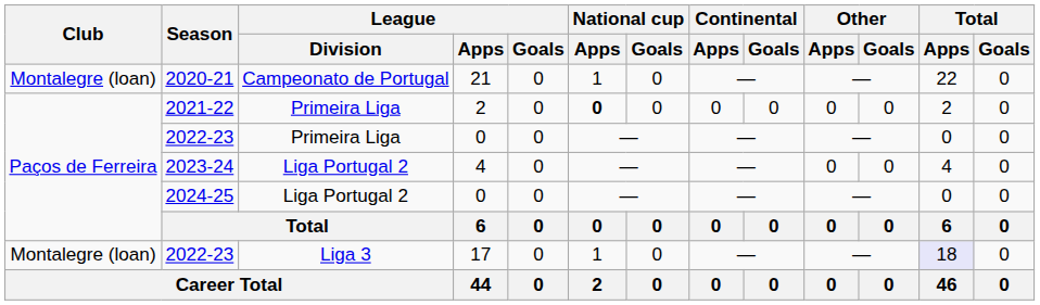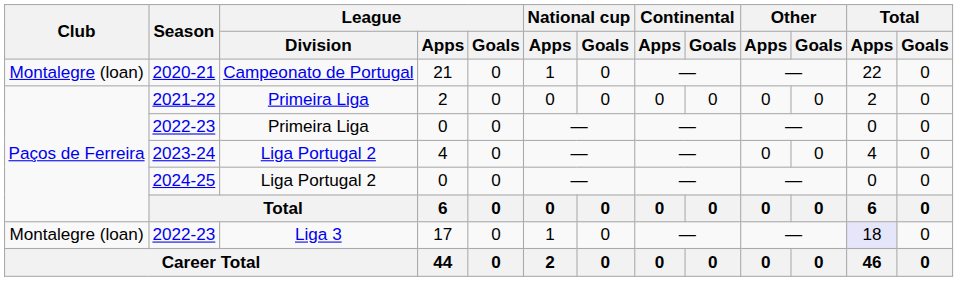 <table class="wikitable" style="text-align: center;">
 <tr>
 <th rowspan="2">Club</th>
 <th rowspan="2">Season</th>
 <th colspan="3">League</th>
 <th colspan="2">National cup</th>
 <th colspan="2">Continental</th>
 <th colspan="2">Other</th>
 <th colspan="2">Total</th>
 </tr>
 <tr>
 <th>Division</th>
 <th>Apps</th>
 <th>Goals</th>
 <th>Apps</th>
 <th>Goals</th>
 <th>Apps</th>
 <th>Goals</th>
 <th>Apps</th>
 <th>Goals</th>
 <th>Apps</th>
 <th>Goals</th>
 </tr>
 <tr>
 <td><a href='#'>Montalegre</a> (loan)</td>
 <td><a href='#'>2020-21</a></td>
 <td><a href='#'>Campeonato de Portugal</a></td>
 <td>21</td>
 <td>0</td>
 <td>1</td>
 <td>0</td>
 <td colspan="2">—</td>
 <td colspan="2">—</td>
 <td>22</td>
 <td>0</td>
 </tr>
 <tr>
 <td rowspan="5"><a href='#'>Paços de Ferreira</a></td>
 <td><a href='#'>2021-22</a></td>
 <td><a href='#'>Primeira Liga</a></td>
 <td>2</td>
 <td>0</td>
-<td><strong>0</strong></td>
+<td>0</td>
 <td>0</td>
 <td>0</td>
 <td>0</td>
 <td>0</td>
 <td>0</td>
 <td>2</td>
 <td>0</td>
 </tr>
 <tr>
 <td><a href='#'>2022-23</a></td>
 <td>Primeira Liga</td>
 <td>0</td>
 <td>0</td>
 <td colspan="2">—</td>
 <td colspan="2">—</td>
 <td colspan="2">—</td>
 <td>0</td>
 <td>0</td>
 </tr>
 <tr>
 <td><a href='#'>2023-24</a></td>
 <td><a href='#'>Liga Portugal 2</a></td>
 <td>4</td>
 <td>0</td>
 <td colspan="2">—</td>
 <td colspan="2">—</td>
 <td>0</td>
 <td>0</td>
 <td>4</td>
 <td>0</td>
 </tr>
 <tr>
 <td><a href='#'>2024-25</a></td>
 <td>Liga Portugal 2</td>
 <td>0</td>
 <td>0</td>
 <td colspan="2">—</td>
 <td colspan="2">—</td>
 <td colspan="2">—</td>
 <td>0</td>
 <td>0</td>
 </tr>
 <tr>
 <th colspan="2">Total</th>
 <th>6</th>
 <th>0</th>
 <th>0</th>
 <th>0</th>
 <th>0</th>
 <th>0</th>
 <th>0</th>
 <th>0</th>
 <th>6</th>
 <th>0</th>
 </tr>
 <tr>
 <td>Montalegre (loan)</td>
 <td><a href='#'>2022-23</a></td>
 <td><a href='#'>Liga 3</a></td>
 <td>17</td>
 <td>0</td>
 <td>1</td>
 <td>0</td>
 <td colspan="2">—</td>
 <td colspan="2">—</td>
 <td style="background: lavender;">18</td>
 <td>0</td>
 </tr>
 <tr>
 <th colspan="3">Career Total</th>
 <th>44</th>
 <th>0</th>
 <th>2</th>
 <th>0</th>
 <th>0</th>
 <th>0</th>
 <th>0</th>
 <th>0</th>
 <th>46</th>
 <th>0</th>
 </tr>
 </table>
